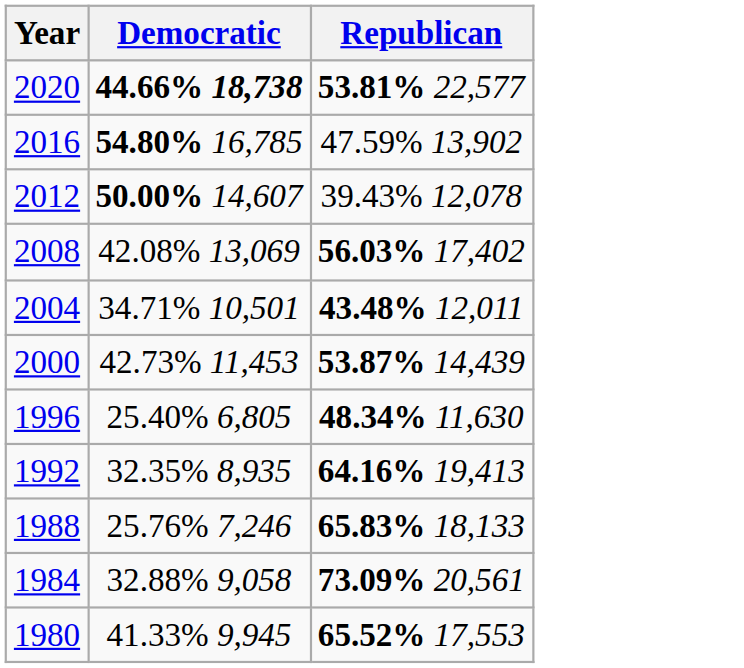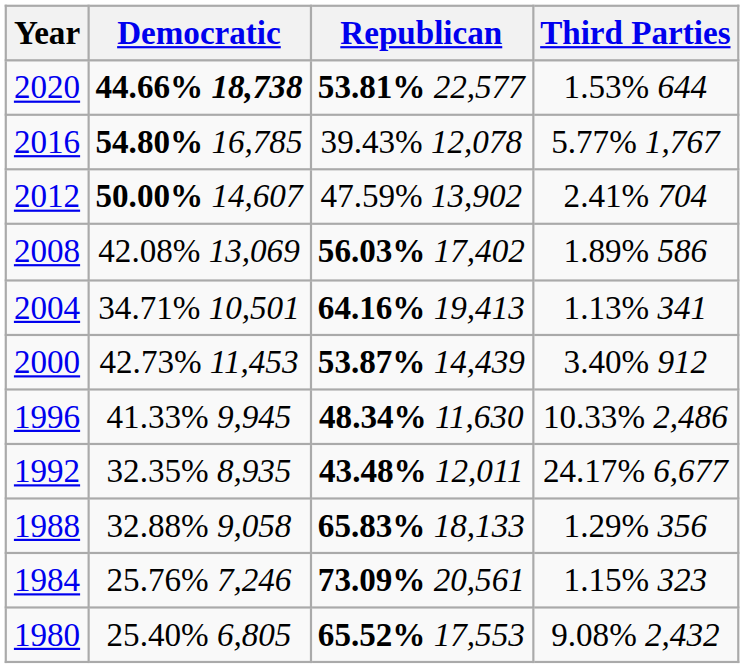 <table class="wikitable floatright wikitable mw-collapsible mw-collapsed"  style="display: inline-table; margin:1em; font-size:95%;">
 <tr style="background:lightgrey;">
 <th>Year</th>
 <th><a href='#'>Democratic</a></th>
 <th><a href='#'>Republican</a></th>
+<th><a href='#'>Third Parties</a></th>
 </tr>
 <tr>
 <td align="center" ><a href='#'>2020</a></td>
 <td align="center" ><strong>44.66% <em>18,738</em></strong></td>
 <td align="center" ><strong>53.81%</strong> <em>22,577</em></td>
+<td align="center" >1.53% <em>644</em></td>
 </tr>
 <tr>
 <td align="center" ><a href='#'>2016</a></td>
 <td align="center" ><strong>54.80%</strong> <em>16,785</em></td>
-<td align="center" >47.59% <em>13,902</em></td>
+<td align="center" >39.43% <em>12,078</em></td>
+<td align="center" >5.77% <em>1,767</em></td>
 </tr>
 <tr>
 <td align="center" ><a href='#'>2012</a></td>
 <td align="center" ><strong>50.00%</strong> <em>14,607</em></td>
-<td align="center" >39.43% <em>12,078</em></td>
+<td align="center" >47.59% <em>13,902</em></td>
+<td align="center" >2.41% <em>704</em></td>
 </tr>
 <tr>
 <td align="center" ><a href='#'>2008</a></td>
 <td align="center" >42.08% <em>13,069</em></td>
 <td align="center" ><strong>56.03%</strong> <em>17,402</em></td>
+<td align="center" >1.89% <em>586</em></td>
 </tr>
 <tr>
 <td align="center" ><a href='#'>2004</a></td>
 <td align="center" >34.71% <em>10,501</em></td>
-<td align="center" ><strong>43.48%</strong> <em>12,011</em></td>
+<td align="center" ><strong>64.16%</strong> <em>19,413</em></td>
+<td align="center" >1.13% <em>341</em></td>
 </tr>
 <tr>
 <td align="center" ><a href='#'>2000</a></td>
 <td align="center" >42.73% <em>11,453</em></td>
 <td align="center" ><strong>53.87%</strong> <em>14,439</em></td>
+<td align="center" >3.40% <em>912</em></td>
 </tr>
 <tr>
 <td align="center" ><a href='#'>1996</a></td>
-<td align="center" >25.40% <em>6,805</em></td>
+<td align="center" >41.33% <em>9,945</em></td>
 <td align="center" ><strong>48.34%</strong> <em>11,630</em></td>
+<td align="center" >10.33% <em>2,486</em></td>
 </tr>
 <tr>
 <td align="center" ><a href='#'>1992</a></td>
 <td align="center" >32.35% <em>8,935</em></td>
-<td align="center" ><strong>64.16%</strong> <em>19,413</em></td>
+<td align="center" ><strong>43.48%</strong> <em>12,011</em></td>
+<td align="center" >24.17% <em>6,677</em></td>
 </tr>
 <tr>
 <td align="center" ><a href='#'>1988</a></td>
-<td align="center" >25.76% <em>7,246</em></td>
+<td align="center" >32.88% <em>9,058</em></td>
 <td align="center" ><strong>65.83%</strong> <em>18,133</em></td>
+<td align="center" >1.29% <em>356</em></td>
 </tr>
 <tr>
 <td align="center" ><a href='#'>1984</a></td>
-<td align="center" >32.88% <em>9,058</em></td>
+<td align="center" >25.76% <em>7,246</em></td>
 <td align="center" ><strong>73.09%</strong> <em>20,561</em></td>
+<td align="center" >1.15% <em>323</em></td>
 </tr>
 <tr>
 <td align="center" ><a href='#'>1980</a></td>
-<td align="center" >41.33% <em>9,945</em></td>
+<td align="center" >25.40% <em>6,805</em></td>
 <td align="center" ><strong>65.52%</strong> <em>17,553</em></td>
+<td align="center" >9.08% <em>2,432</em></td>
 </tr>
 </table>
